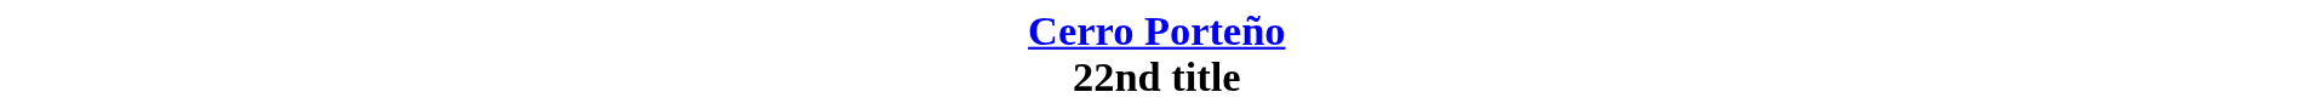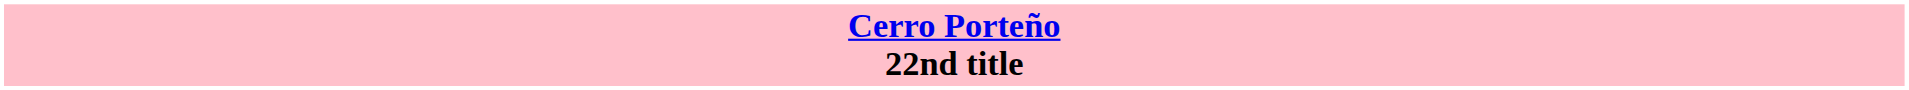 <table cellspacing=0 width=100%>
 <tr>
 <td style="text-align: center;"></td>
 </tr>
 <tr>
-<td style="text-align: center;"><strong><a href='#'>Cerro Porteño</a></strong><br><strong>22nd title</strong><br></td>
+<td style="background: pink; text-align: center;"><strong><a href='#'>Cerro Porteño</a></strong><br><strong>22nd title</strong><br></td>
 </tr>
 </table>
